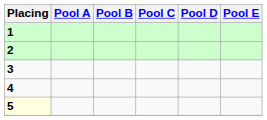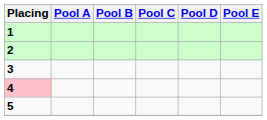 <table class=wikitable style="border:1px solid #AAAAAA;">
 <tr>
 <th>Placing</th>
 <th><a href='#'>Pool A</a></th>
 <th><a href='#'>Pool B</a></th>
 <th><a href='#'>Pool C</a></th>
 <th><a href='#'>Pool D</a></th>
 <th><a href='#'>Pool E</a></th>
 </tr>
 <tr style="background: #ccffcc;">
 <td><strong>1</strong></td>
 <td></td>
 <td></td>
 <td></td>
 <td></td>
 <td></td>
 </tr>
 <tr style="background: #ccffcc;">
 <td><strong>2</strong></td>
 <td></td>
 <td></td>
 <td></td>
 <td></td>
 <td></td>
 </tr>
 <tr>
 <td><strong>3</strong></td>
 <td></td>
 <td></td>
 <td></td>
 <td></td>
 <td></td>
 </tr>
 <tr>
-<td><strong>4</strong></td>
+<td style="background: pink;"><strong>4</strong></td>
 <td></td>
 <td></td>
 <td></td>
 <td></td>
 <td></td>
 </tr>
 <tr>
-<td style="background: lightyellow;"><strong>5</strong></td>
+<td><strong>5</strong></td>
 <td> </td>
 <td> </td>
 <td></td>
 <td> </td>
 <td></td>
 </tr>
 <tr>
 </tr>
 </table>
